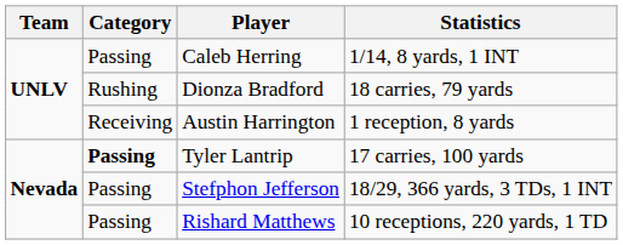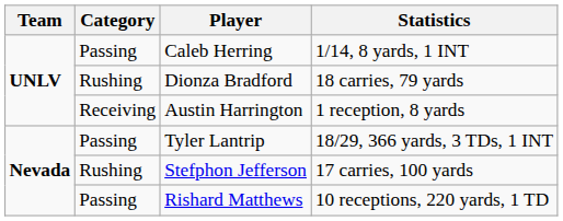 <table class="wikitable" style="float: left;">
 <tr>
 <th>Team</th>
 <th>Category</th>
 <th>Player</th>
 <th>Statistics</th>
 </tr>
 <tr>
 <td rowspan=3><strong>UNLV</strong></td>
 <td>Passing</td>
 <td>Caleb Herring</td>
 <td>1/14, 8 yards, 1 INT</td>
 </tr>
 <tr>
 <td>Rushing</td>
 <td>Dionza Bradford</td>
 <td>18 carries, 79 yards</td>
 </tr>
 <tr>
 <td>Receiving</td>
 <td>Austin Harrington</td>
 <td>1 reception, 8 yards</td>
 </tr>
 <tr>
 <td rowspan=3><strong>Nevada</strong></td>
-<td><strong>Passing</strong></td>
+<td>Passing</td>
 <td>Tyler Lantrip</td>
-<td>17 carries, 100 yards</td>
+<td>18/29, 366 yards, 3 TDs, 1 INT</td>
 </tr>
 <tr>
-<td>Passing</td>
+<td>Rushing</td>
 <td><a href='#'>Stefphon Jefferson</a></td>
-<td>18/29, 366 yards, 3 TDs, 1 INT</td>
+<td>17 carries, 100 yards</td>
 </tr>
 <tr>
 <td>Passing</td>
 <td><a href='#'>Rishard Matthews</a></td>
 <td>10 receptions, 220 yards, 1 TD</td>
 </tr>
 </table>
